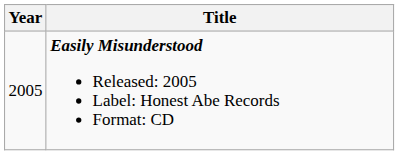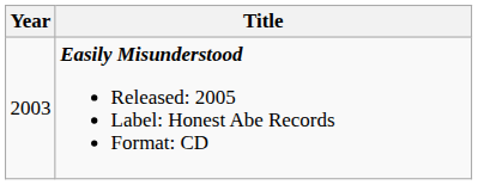 <table class="wikitable">
 <tr>
 <th>Year</th>
 <th style="width:225px;">Title</th>
 </tr>
 <tr>
-<td>2005</td>
+<td>2003</td>
 <td style="width:20em"><strong><em>Easily Misunderstood</em></strong><br><ul><li>Released: 2005</li><li>Label: Honest Abe Records </li><li>Format: CD</li></ul></td>
 </tr>
 </table>
